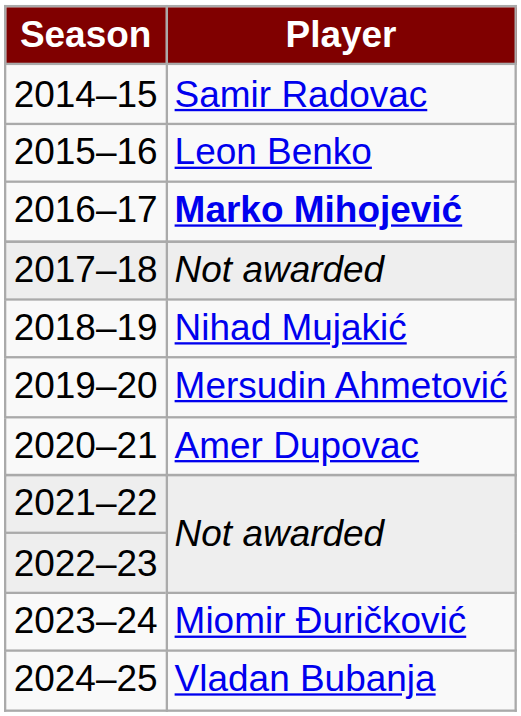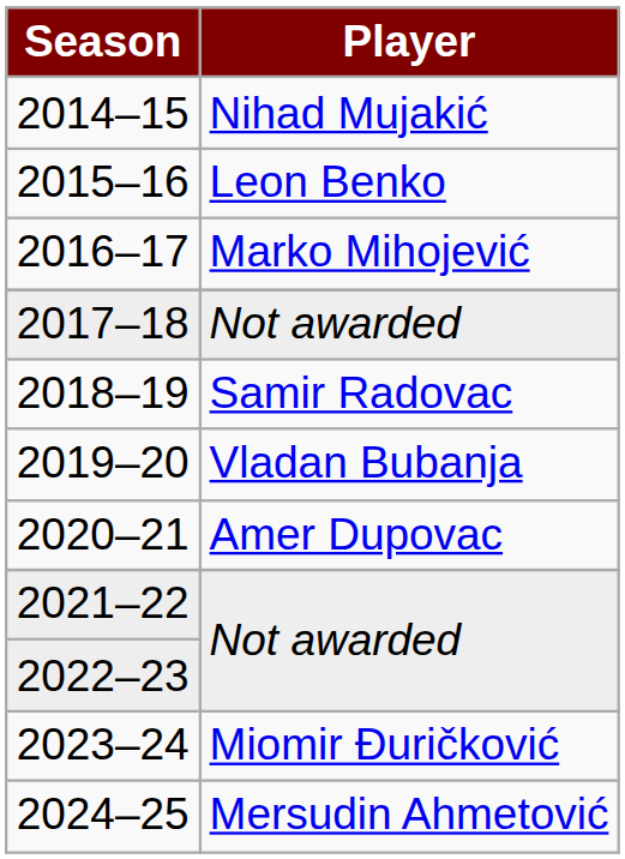 <table class="wikitable" style="display:inline-table">
 <tr>
 <th style="color:#FFFFFF;background:#800000;">Season</th>
 <th style="color:#FFFFFF;background:#800000;">Player</th>
 </tr>
 <tr>
 <td>2014–15</td>
-<td> <a href='#'>Samir Radovac</a></td>
+<td> <a href='#'>Nihad Mujakić</a></td>
 </tr>
 <tr>
 <td>2015–16</td>
 <td> <a href='#'>Leon Benko</a></td>
 </tr>
 <tr>
 <td>2016–17</td>
-<td><strong> <a href='#'>Marko Mihojević</a></strong></td>
+<td> <a href='#'>Marko Mihojević</a></td>
 </tr>
 <tr>
 </tr>
 <tr bgcolor=#EEEEEE>
 <td>2017–18</td>
 <td colspan=2><em>Not awarded</em></td>
 </tr>
 <tr>
 <td>2018–19</td>
-<td> <a href='#'>Nihad Mujakić</a></td>
+<td> <a href='#'>Samir Radovac</a></td>
 </tr>
 <tr>
 <td>2019–20</td>
-<td> <a href='#'>Mersudin Ahmetović</a></td>
+<td> <a href='#'>Vladan Bubanja</a></td>
 </tr>
 <tr>
 <td>2020–21</td>
 <td> <a href='#'>Amer Dupovac</a></td>
 </tr>
 <tr>
 </tr>
 <tr bgcolor=#EEEEEE>
 <td>2021–22</td>
 <td colspan=2 rowspan=2><em>Not awarded</em></td>
 </tr>
 <tr bgcolor=#EEEEEE>
 <td>2022–23</td>
 </tr>
 <tr>
 <td>2023–24</td>
 <td> <a href='#'>Miomir Đuričković</a></td>
 </tr>
 <tr>
 <td>2024–25</td>
-<td> <a href='#'>Vladan Bubanja</a></td>
+<td> <a href='#'>Mersudin Ahmetović</a></td>
 </tr>
 </table>
